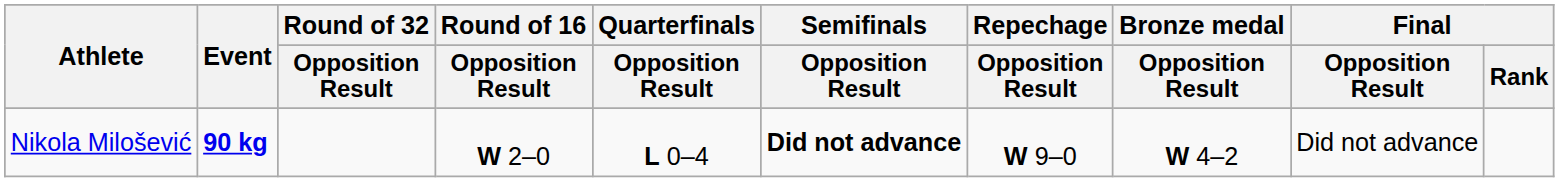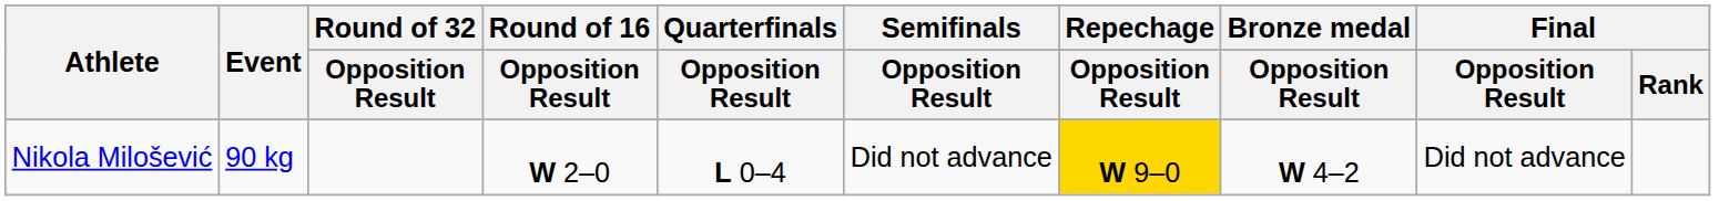 <table class="wikitable" style="font-size:90%;">
 <tr>
 <th rowspan=2>Athlete</th>
 <th rowspan=2>Event</th>
 <th>Round of 32</th>
 <th>Round of 16</th>
 <th>Quarterfinals</th>
 <th>Semifinals</th>
 <th>Repechage</th>
 <th>Bronze medal</th>
 <th colspan=2>Final</th>
 </tr>
 <tr style="font-size:95%">
 <th>Opposition<br>Result</th>
 <th>Opposition<br>Result</th>
 <th>Opposition<br>Result</th>
 <th>Opposition<br>Result</th>
 <th>Opposition<br>Result</th>
 <th>Opposition<br>Result</th>
 <th>Opposition<br>Result</th>
 <th>Rank</th>
 </tr>
 <tr align=center>
 <td align=left><a href='#'>Nikola Milošević</a></td>
-<td align=left><strong><a href='#'>90 kg</a></strong></td>
+<td align=left><a href='#'>90 kg</a></td>
 <td></td>
 <td><br><strong>W</strong> 2–0</td>
 <td><br><strong>L</strong> 0–4</td>
-<td><strong>Did not advance</strong></td>
-<td><br><strong>W</strong> 9–0</td>
+<td>Did not advance</td>
+<td style="background: gold;"><br><strong>W</strong> 9–0</td>
 <td><br><strong>W</strong> 4–2</td>
 <td>Did not advance</td>
 <td></td>
 </tr>
 </table>
